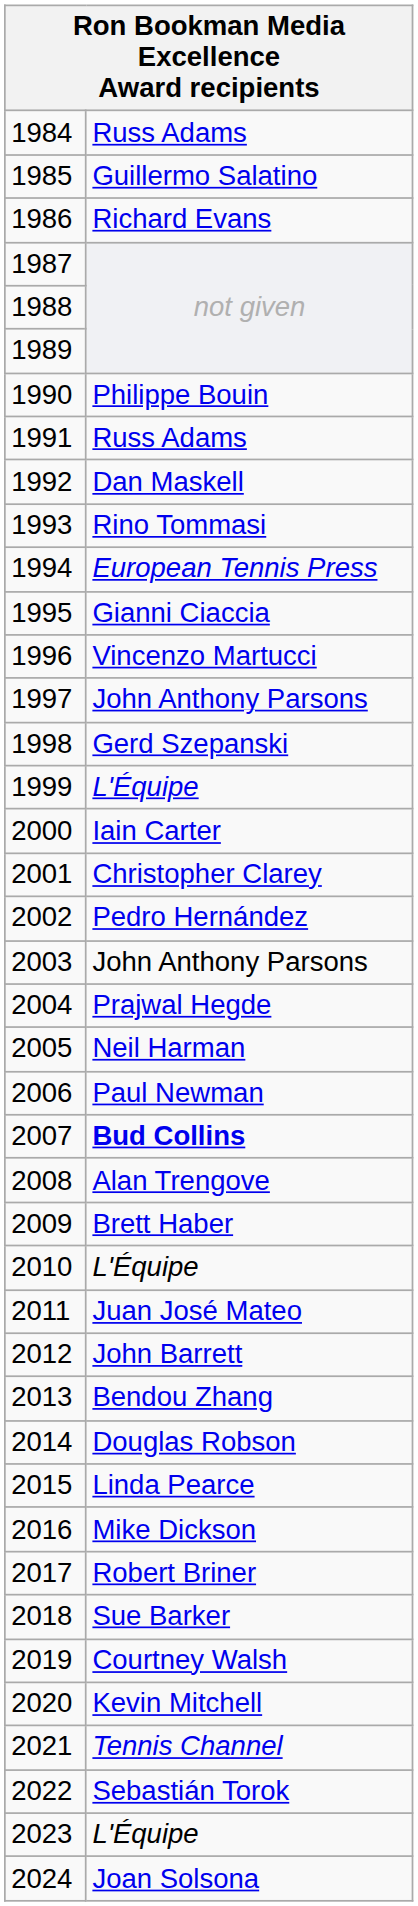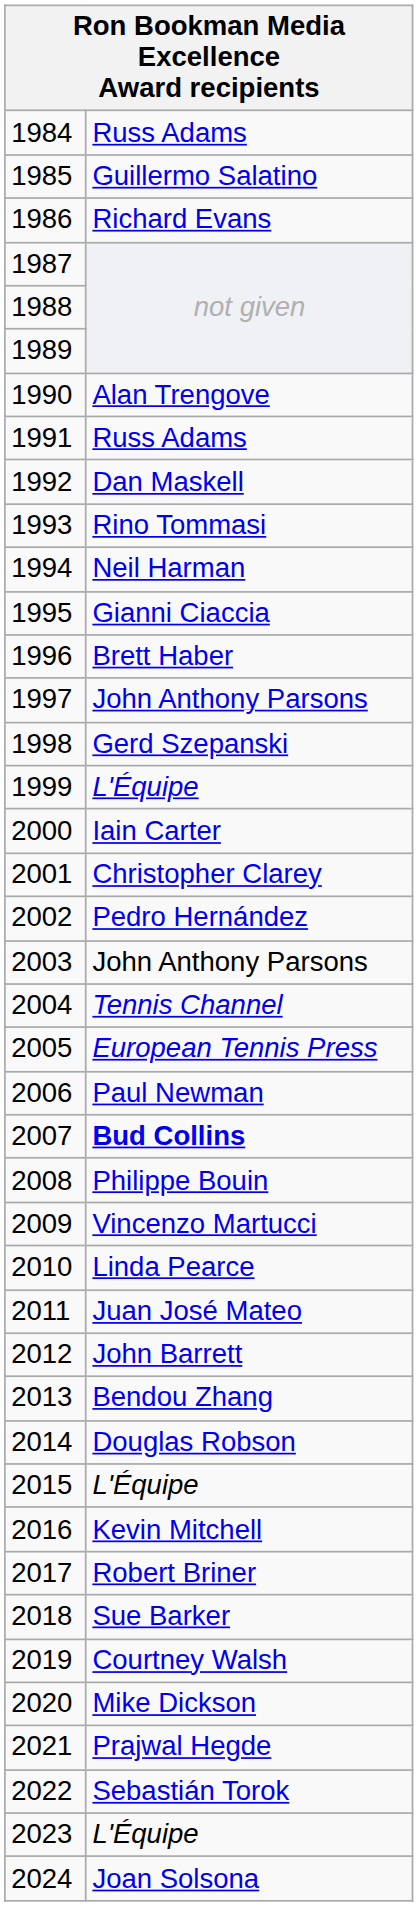 <table class="wikitable" style="display:inline-table;">
 <tr>
 <th colspan="2" width=230>Ron Bookman Media Excellence<br>Award recipients</th>
 </tr>
 <tr>
 <td>1984</td>
 <td> <a href='#'>Russ Adams</a></td>
 </tr>
 <tr>
 <td>1985</td>
 <td> <a href='#'>Guillermo Salatino</a></td>
 </tr>
 <tr>
 <td>1986</td>
 <td> <a href='#'>Richard Evans</a></td>
 </tr>
 <tr>
 <td>1987</td>
 <td rowspan=3 style="background: #f0f1f4; color: #b0b0b0; text-align: center;"><em>not given</em></td>
 </tr>
 <tr>
 <td>1988</td>
 </tr>
 <tr>
 <td>1989</td>
 </tr>
 <tr>
 <td>1990</td>
-<td> <a href='#'>Philippe Bouin</a></td>
+<td> <a href='#'>Alan Trengove</a></td>
 </tr>
 <tr>
 <td>1991</td>
 <td> <a href='#'>Russ Adams</a> </td>
 </tr>
 <tr>
 <td>1992</td>
 <td> <a href='#'>Dan Maskell</a></td>
 </tr>
 <tr>
 <td>1993</td>
 <td> <a href='#'>Rino Tommasi</a></td>
 </tr>
 <tr>
 <td>1994</td>
-<td> <em><a href='#'>European Tennis Press</a></em></td>
+<td> <a href='#'>Neil Harman</a></td>
 </tr>
 <tr>
 <td>1995</td>
 <td> <a href='#'>Gianni Ciaccia</a></td>
 </tr>
 <tr>
 <td>1996</td>
-<td> <a href='#'>Vincenzo Martucci</a></td>
+<td> <a href='#'>Brett Haber</a></td>
 </tr>
 <tr>
 <td>1997</td>
 <td> <a href='#'>John Anthony Parsons</a></td>
 </tr>
 <tr>
 <td>1998</td>
 <td> <a href='#'>Gerd Szepanski</a></td>
 </tr>
 <tr>
 <td>1999</td>
 <td> <em><a href='#'>L'Équipe</a></em></td>
 </tr>
 <tr>
 <td>2000</td>
 <td> <a href='#'>Iain Carter</a></td>
 </tr>
 <tr>
 <td>2001</td>
 <td> <a href='#'>Christopher Clarey</a></td>
 </tr>
 <tr>
 <td>2002</td>
 <td> <a href='#'>Pedro Hernández</a></td>
 </tr>
 <tr>
 <td>2003</td>
 <td> John Anthony Parsons </td>
 </tr>
 <tr>
 <td>2004</td>
-<td> <a href='#'>Prajwal Hegde</a></td>
+<td> <em><a href='#'>Tennis Channel</a></em></td>
 </tr>
 <tr>
 <td>2005</td>
-<td> <a href='#'>Neil Harman</a></td>
+<td> <em><a href='#'>European Tennis Press</a></em></td>
 </tr>
 <tr>
 <td>2006</td>
 <td> <a href='#'>Paul Newman</a></td>
 </tr>
 <tr>
 <td>2007</td>
 <td><strong> <a href='#'>Bud Collins</a></strong></td>
 </tr>
 <tr>
 <td>2008</td>
-<td> <a href='#'>Alan Trengove</a></td>
+<td> <a href='#'>Philippe Bouin</a></td>
 </tr>
 <tr>
 <td>2009</td>
-<td> <a href='#'>Brett Haber</a></td>
+<td> <a href='#'>Vincenzo Martucci</a></td>
 </tr>
 <tr>
 <td>2010</td>
-<td> <em>L'Équipe</em> </td>
+<td> <a href='#'>Linda Pearce</a></td>
 </tr>
 <tr>
 <td>2011</td>
 <td> <a href='#'>Juan José Mateo</a></td>
 </tr>
 <tr>
 <td>2012</td>
 <td> <a href='#'>John Barrett</a></td>
 </tr>
 <tr>
 <td>2013</td>
 <td> <a href='#'>Bendou Zhang</a></td>
 </tr>
 <tr>
 <td>2014</td>
 <td> <a href='#'>Douglas Robson</a></td>
 </tr>
 <tr>
 <td>2015</td>
-<td> <a href='#'>Linda Pearce</a></td>
+<td> <em>L'Équipe</em> </td>
 </tr>
 <tr>
 <td>2016</td>
-<td> <a href='#'>Mike Dickson</a></td>
+<td> <a href='#'>Kevin Mitchell</a></td>
 </tr>
 <tr>
 <td>2017</td>
 <td> <a href='#'>Robert Briner</a></td>
 </tr>
 <tr>
 <td>2018</td>
 <td> <a href='#'>Sue Barker</a></td>
 </tr>
 <tr>
 <td>2019</td>
 <td> <a href='#'>Courtney Walsh</a></td>
 </tr>
 <tr>
 <td>2020</td>
-<td> <a href='#'>Kevin Mitchell</a></td>
+<td> <a href='#'>Mike Dickson</a></td>
 </tr>
 <tr>
 <td>2021</td>
-<td> <em><a href='#'>Tennis Channel</a></em></td>
+<td> <a href='#'>Prajwal Hegde</a></td>
 </tr>
 <tr>
 <td>2022</td>
 <td> <a href='#'>Sebastián Torok</a></td>
 </tr>
 <tr>
 <td>2023</td>
 <td> <em>L'Équipe</em> </td>
 </tr>
 <tr>
 <td>2024</td>
 <td> <a href='#'>Joan Solsona</a></td>
 </tr>
 </table>
